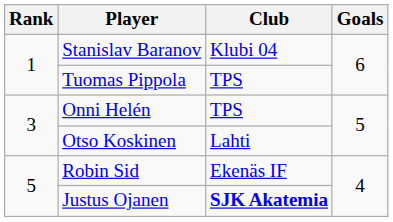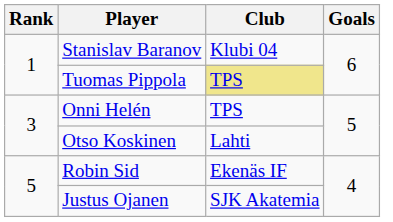 <table class="wikitable" style="text-align:center;">
 <tr>
 <th>Rank</th>
 <th>Player</th>
 <th>Club</th>
 <th>Goals</th>
 </tr>
 <tr>
 <td rowspan=2>1</td>
 <td align="left"> <a href='#'>Stanislav Baranov</a></td>
 <td align="left"><a href='#'>Klubi 04</a></td>
 <td rowspan=2>6</td>
 </tr>
 <tr>
 <td align="left"> <a href='#'>Tuomas Pippola</a></td>
-<td align="left"><a href='#'>TPS</a></td>
+<td align="left" style="background: khaki;"><a href='#'>TPS</a></td>
 </tr>
 <tr>
 <td rowspan=2>3</td>
 <td align="left"> <a href='#'>Onni Helén</a></td>
 <td align="left"><a href='#'>TPS</a></td>
 <td rowspan=2>5</td>
 </tr>
 <tr>
 <td align="left"> <a href='#'>Otso Koskinen</a></td>
 <td align="left"><a href='#'>Lahti</a></td>
 </tr>
 <tr>
 <td rowspan=2>5</td>
 <td align="left"> <a href='#'>Robin Sid</a></td>
 <td align="left"><a href='#'>Ekenäs IF</a></td>
 <td rowspan=2>4</td>
 </tr>
 <tr>
 <td align="left"> <a href='#'>Justus Ojanen</a></td>
-<td align="left"><strong><a href='#'>SJK Akatemia</a></strong></td>
+<td align="left"><a href='#'>SJK Akatemia</a></td>
 </tr>
 </table>
